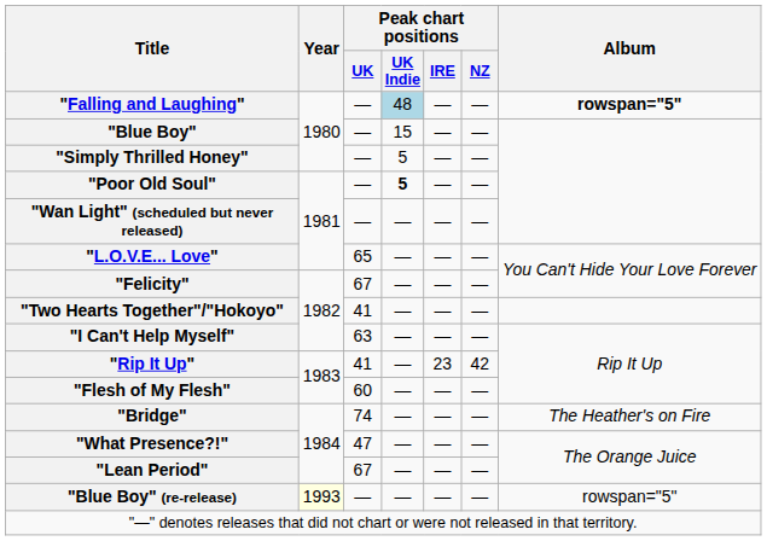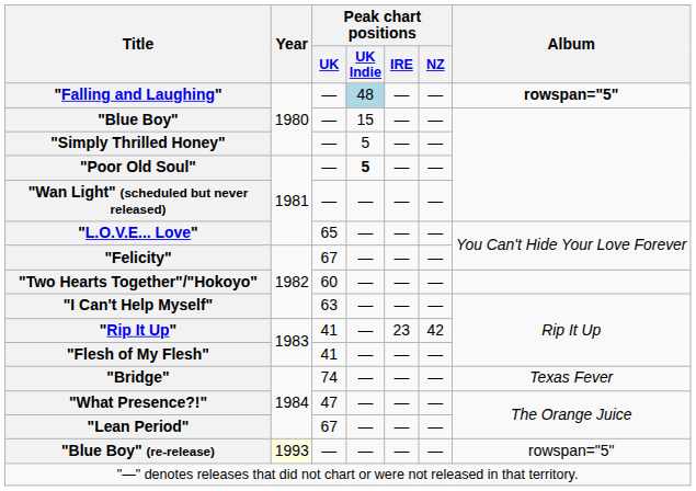 <table class="wikitable plainrowheaders" style="text-align:center;">
 <tr>
 <th rowspan="2" scope="col" style="width:17em;">Title</th>
 <th rowspan="2" scope="col" style="width:2em;">Year</th>
 <th colspan="4">Peak chart positions</th>
 <th rowspan="2">Album</th>
 </tr>
 <tr>
 <th scope="col" style="width:2em;font-size:90%;"><a href='#'>UK</a><br></th>
 <th scope="col" style="width:2em;font-size:90%;"><a href='#'>UK Indie</a><br></th>
 <th scope="col" style="width:2em;font-size:90%;"><a href='#'>IRE</a><br></th>
 <th scope="col" style="width:2em;font-size:90%;"><a href='#'>NZ</a><br></th>
 </tr>
 <tr>
 <th scope="row">"<a href='#'>Falling and Laughing</a>"</th>
 <td rowspan="3">1980</td>
 <td>—</td>
 <td style="background: lightblue;">48</td>
 <td>—</td>
 <td>—</td>
 <td><strong>rowspan="5" </strong></td>
 </tr>
 <tr>
 <th scope="row">"Blue Boy"</th>
 <td>—</td>
 <td>15</td>
 <td>—</td>
 <td>—</td>
 </tr>
 <tr>
 <th scope="row">"Simply Thrilled Honey"</th>
 <td>—</td>
 <td>5</td>
 <td>—</td>
 <td>—</td>
 </tr>
 <tr>
 <th scope="row">"Poor Old Soul"</th>
 <td rowspan="3">1981</td>
 <td>—</td>
 <td><strong>5</strong></td>
 <td>—</td>
 <td>—</td>
 </tr>
 <tr>
 <th scope="row">"Wan Light" <small>(scheduled but never released)</small></th>
 <td>—</td>
 <td>—</td>
 <td>—</td>
 <td>—</td>
 </tr>
 <tr>
 <th scope="row">"<a href='#'>L.O.V.E... Love</a>"</th>
 <td>65</td>
 <td>—</td>
 <td>—</td>
 <td>—</td>
 <td rowspan="2"><em>You Can't Hide Your Love Forever</em></td>
 </tr>
 <tr>
 <th scope="row">"Felicity"</th>
 <td rowspan="3">1982</td>
 <td>67</td>
 <td>—</td>
 <td>—</td>
 <td>—</td>
 </tr>
 <tr>
 <th scope="row">"Two Hearts Together"/"Hokoyo"</th>
-<td>41</td>
+<td>60</td>
 <td>—</td>
 <td>—</td>
 <td>—</td>
 <td></td>
 </tr>
 <tr>
 <th scope="row">"I Can't Help Myself"</th>
 <td>63</td>
 <td>—</td>
 <td>—</td>
 <td>—</td>
 <td rowspan="3"><em>Rip It Up</em></td>
 </tr>
 <tr>
 <th scope="row">"<a href='#'>Rip It Up</a>"</th>
 <td rowspan="2">1983</td>
 <td>41</td>
 <td>—</td>
 <td>23</td>
 <td>42</td>
 </tr>
 <tr>
 <th scope="row">"Flesh of My Flesh"</th>
-<td>60</td>
+<td>41</td>
 <td>—</td>
 <td>—</td>
 <td>—</td>
 </tr>
 <tr>
 <th scope="row">"Bridge"</th>
 <td rowspan="3">1984</td>
 <td>74</td>
 <td>—</td>
 <td>—</td>
 <td>—</td>
-<td><em>The Heather's on Fire</em></td>
+<td><em>Texas Fever</em></td>
 </tr>
 <tr>
 <th scope="row">"What Presence?!"</th>
 <td>47</td>
 <td>—</td>
 <td>—</td>
 <td>—</td>
 <td rowspan="2"><em>The Orange Juice</em></td>
 </tr>
 <tr>
 <th scope="row">"Lean Period"</th>
 <td>67</td>
 <td>—</td>
 <td>—</td>
 <td>—</td>
 </tr>
 <tr>
 <th scope="row">"Blue Boy" <small>(re-release)</small></th>
 <td style="background: lightyellow;">1993</td>
 <td>—</td>
 <td>—</td>
 <td>—</td>
 <td>—</td>
 <td>rowspan="5" </td>
 </tr>
 <tr>
 <td colspan="7" style="font-size:90%">"—" denotes releases that did not chart or were not released in that territory.</td>
 </tr>
 </table>
